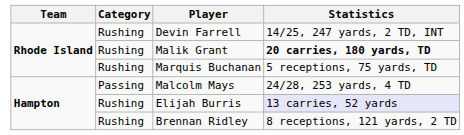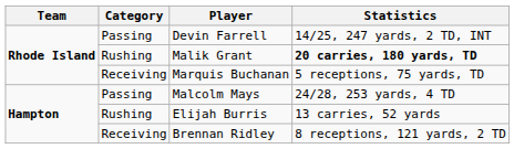 <table class="wikitable" style="float: right;">
 <tr>
 <th>Team</th>
 <th>Category</th>
 <th>Player</th>
 <th>Statistics</th>
 </tr>
 <tr>
 <td rowspan=3><strong>Rhode Island</strong></td>
-<td>Rushing</td>
+<td>Passing</td>
 <td>Devin Farrell</td>
 <td>14/25, 247 yards, 2 TD, INT</td>
 </tr>
 <tr>
 <td>Rushing</td>
 <td>Malik Grant</td>
 <td><strong>20 carries, 180 yards, TD</strong></td>
 </tr>
 <tr>
-<td>Rushing</td>
+<td>Receiving</td>
 <td>Marquis Buchanan</td>
 <td>5 receptions, 75 yards, TD</td>
 </tr>
 <tr>
 <td rowspan=3><strong>Hampton</strong></td>
 <td>Passing</td>
 <td>Malcolm Mays</td>
 <td>24/28, 253 yards, 4 TD</td>
 </tr>
 <tr>
 <td>Rushing</td>
 <td>Elijah Burris</td>
-<td style="background: lavender;">13 carries, 52 yards</td>
+<td>13 carries, 52 yards</td>
 </tr>
 <tr>
-<td>Rushing</td>
+<td>Receiving</td>
 <td>Brennan Ridley</td>
 <td>8 receptions, 121 yards, 2 TD</td>
 </tr>
 </table>
